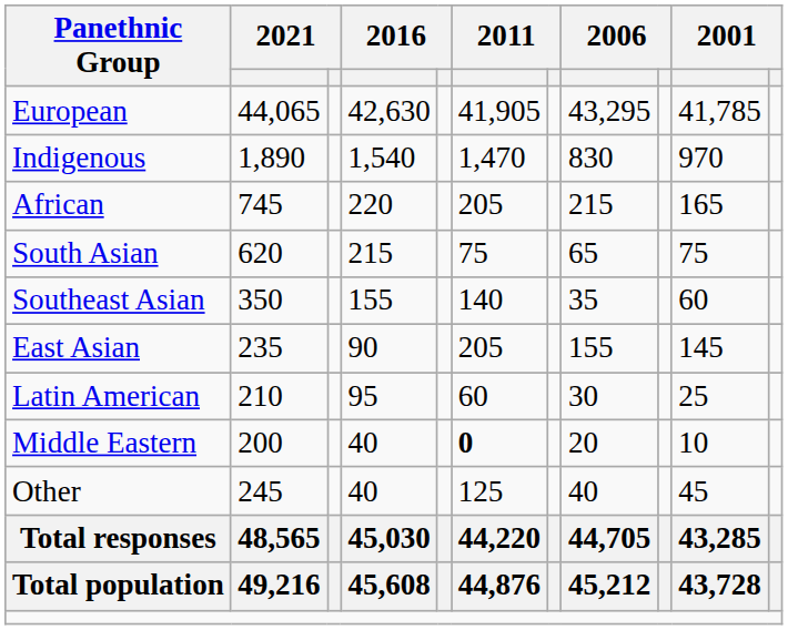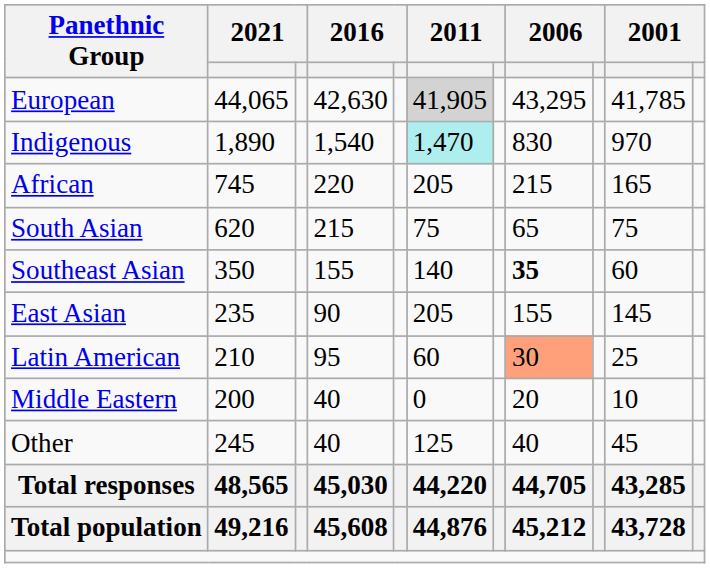 <table class="wikitable collapsible sortable">
 <tr>
 <th rowspan="2"><a href='#'>Panethnic</a><br>Group</th>
 <th colspan="2">2021</th>
 <th colspan="2">2016</th>
 <th colspan="2">2011</th>
 <th colspan="2">2006</th>
 <th colspan="2">2001</th>
 </tr>
 <tr>
 <th><a href='#'></a></th>
 <th></th>
 <th><a href='#'></a></th>
 <th></th>
 <th><a href='#'></a></th>
 <th></th>
 <th><a href='#'></a></th>
 <th></th>
 <th><a href='#'></a></th>
 <th></th>
 </tr>
 <tr>
 <td><a href='#'>European</a></td>
 <td>44,065</td>
 <td></td>
 <td>42,630</td>
 <td></td>
-<td>41,905</td>
+<td style="background: lightgrey;">41,905</td>
 <td></td>
 <td>43,295</td>
 <td></td>
 <td>41,785</td>
 <td></td>
 </tr>
 <tr>
 <td><a href='#'>Indigenous</a></td>
 <td>1,890</td>
 <td></td>
 <td>1,540</td>
 <td></td>
-<td>1,470</td>
+<td style="background: paleturquoise;">1,470</td>
 <td></td>
 <td>830</td>
 <td></td>
 <td>970</td>
 <td></td>
 </tr>
 <tr>
 <td><a href='#'>African</a></td>
 <td>745</td>
 <td></td>
 <td>220</td>
 <td></td>
 <td>205</td>
 <td></td>
 <td>215</td>
 <td></td>
 <td>165</td>
 <td></td>
 </tr>
 <tr>
 <td><a href='#'>South Asian</a></td>
 <td>620</td>
 <td></td>
 <td>215</td>
 <td></td>
 <td>75</td>
 <td></td>
 <td>65</td>
 <td></td>
 <td>75</td>
 <td></td>
 </tr>
 <tr>
 <td><a href='#'>Southeast Asian</a></td>
 <td>350</td>
 <td></td>
 <td>155</td>
 <td></td>
 <td>140</td>
 <td></td>
-<td>35</td>
+<td><strong>35</strong></td>
 <td></td>
 <td>60</td>
 <td></td>
 </tr>
 <tr>
 <td><a href='#'>East Asian</a></td>
 <td>235</td>
 <td></td>
 <td>90</td>
 <td></td>
 <td>205</td>
 <td></td>
 <td>155</td>
 <td></td>
 <td>145</td>
 <td></td>
 </tr>
 <tr>
 <td><a href='#'>Latin American</a></td>
 <td>210</td>
 <td></td>
 <td>95</td>
 <td></td>
 <td>60</td>
 <td></td>
-<td>30</td>
+<td style="background: lightsalmon;">30</td>
 <td></td>
 <td>25</td>
 <td></td>
 </tr>
 <tr>
 <td><a href='#'>Middle Eastern</a></td>
 <td>200</td>
 <td></td>
 <td>40</td>
 <td></td>
-<td><strong>0</strong></td>
+<td>0</td>
 <td></td>
 <td>20</td>
 <td></td>
 <td>10</td>
 <td></td>
 </tr>
 <tr>
 <td>Other</td>
 <td>245</td>
 <td></td>
 <td>40</td>
 <td></td>
 <td>125</td>
 <td></td>
 <td>40</td>
 <td></td>
 <td>45</td>
 <td></td>
 </tr>
 <tr>
 <th>Total responses</th>
 <th>48,565</th>
 <th></th>
 <th>45,030</th>
 <th></th>
 <th>44,220</th>
 <th></th>
 <th>44,705</th>
 <th></th>
 <th>43,285</th>
 <th></th>
 </tr>
 <tr>
 <th>Total population</th>
 <th>49,216</th>
 <th></th>
 <th>45,608</th>
 <th></th>
 <th>44,876</th>
 <th></th>
 <th>45,212</th>
 <th></th>
 <th>43,728</th>
 <th></th>
 </tr>
 <tr class="sortbottom">
 <td colspan="15"></td>
 </tr>
 </table>
